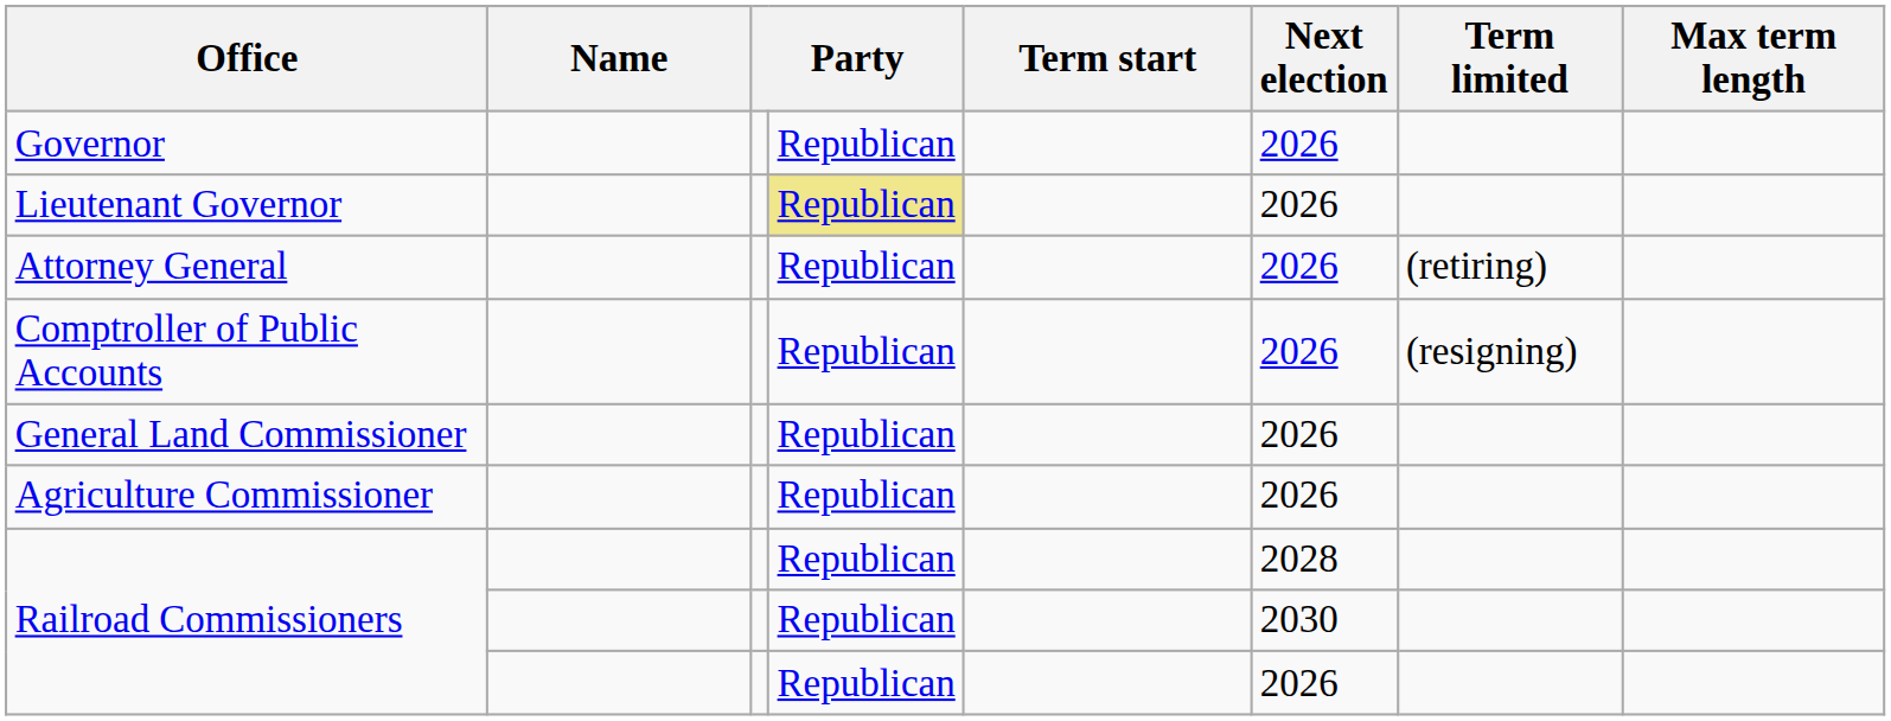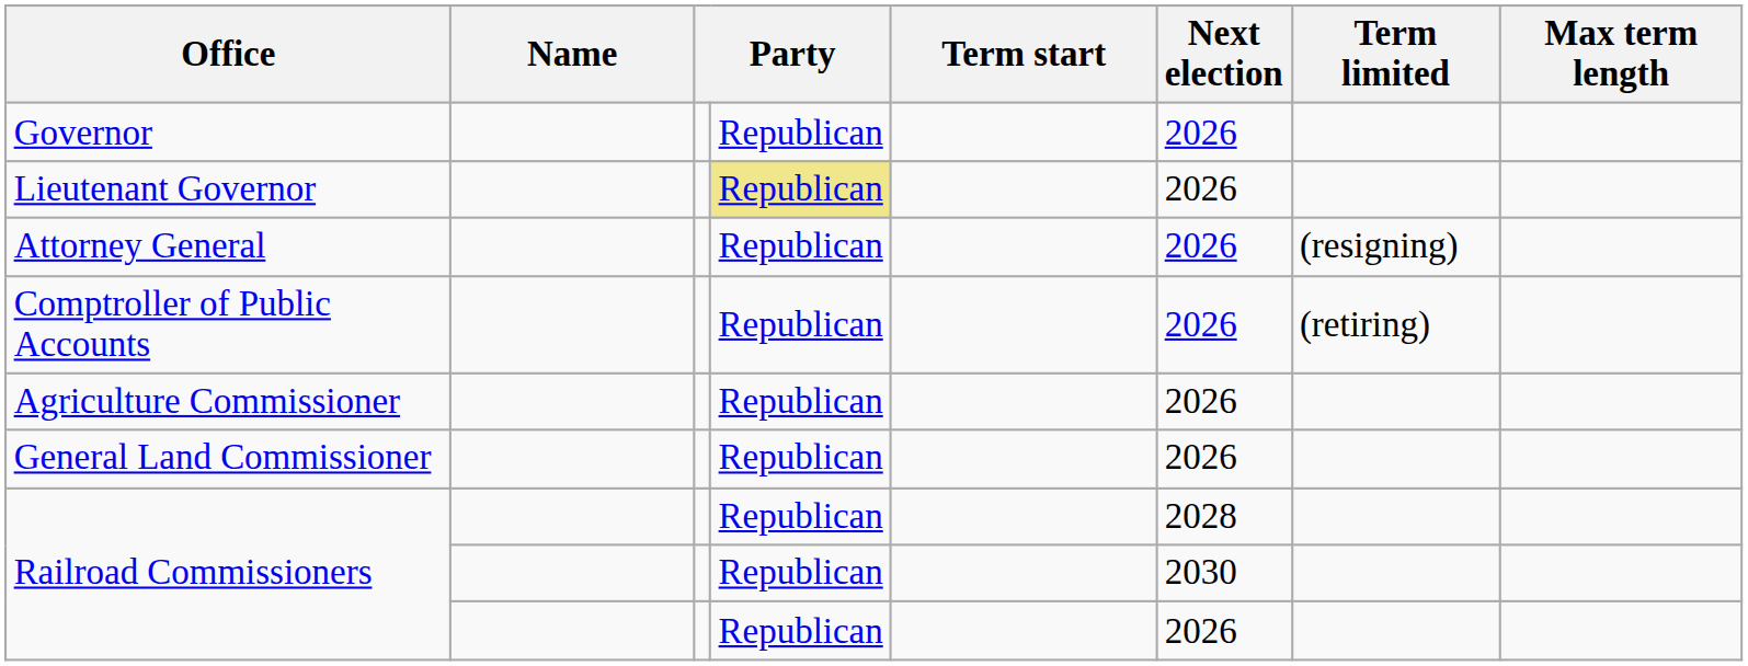 <table class="sortable wikitable">
 <tr>
 <th scope="col" width=190>Office</th>
 <th scope="col" width=100>Name</th>
 <th scope="col" width=75 colspan=2>Party</th>
 <th scope="col" width=110>Term start</th>
 <th scope="col" width=50>Next election</th>
 <th scope="col" width=85>Term limited</th>
 <th scope="col" width=100>Max term length</th>
 </tr>
 <tr>
 <td><a href='#'>Governor</a></td>
 <td></td>
 <td style="background-color:"></td>
 <td><a href='#'>Republican</a></td>
 <td></td>
 <td><a href='#'>2026</a></td>
 <td></td>
 <td></td>
 </tr>
 <tr>
 <td><a href='#'>Lieutenant Governor</a></td>
 <td></td>
 <td style="background-color:"></td>
 <td style="background: khaki;"><a href='#'>Republican</a></td>
 <td></td>
 <td>2026</td>
 <td></td>
 <td></td>
 </tr>
 <tr>
 <td><a href='#'>Attorney General</a></td>
 <td></td>
 <td style="background-color:"></td>
 <td><a href='#'>Republican</a></td>
 <td></td>
 <td><a href='#'>2026</a></td>
-<td> (retiring)</td>
+<td> (resigning)</td>
 <td></td>
 </tr>
 <tr>
 <td><a href='#'>Comptroller of Public Accounts</a></td>
 <td></td>
 <td style="background-color:"></td>
 <td><a href='#'>Republican</a></td>
 <td></td>
 <td><a href='#'>2026</a></td>
-<td> (resigning)</td>
+<td> (retiring)</td>
 <td></td>
 </tr>
 <tr>
-<td><a href='#'>General Land Commissioner</a></td>
+<td><a href='#'>Agriculture Commissioner</a></td>
 <td></td>
 <td style="background-color:"></td>
 <td><a href='#'>Republican</a></td>
 <td></td>
 <td>2026</td>
 <td></td>
 <td></td>
 </tr>
 <tr>
-<td><a href='#'>Agriculture Commissioner</a></td>
+<td><a href='#'>General Land Commissioner</a></td>
 <td></td>
 <td style="background-color:"></td>
 <td><a href='#'>Republican</a></td>
 <td></td>
 <td>2026</td>
 <td></td>
 <td></td>
 </tr>
 <tr>
 <td rowspan=3><a href='#'>Railroad Commissioners</a></td>
 <td></td>
 <td style="background-color:"></td>
 <td><a href='#'>Republican</a></td>
 <td></td>
 <td>2028</td>
 <td></td>
 <td></td>
 </tr>
 <tr>
 <td></td>
 <td style="background-color:"></td>
 <td><a href='#'>Republican</a></td>
 <td></td>
 <td>2030</td>
 <td></td>
 <td></td>
 </tr>
 <tr>
 <td></td>
 <td style="background-color:"></td>
 <td><a href='#'>Republican</a></td>
 <td></td>
 <td>2026</td>
 <td></td>
 <td></td>
 </tr>
 </table>
